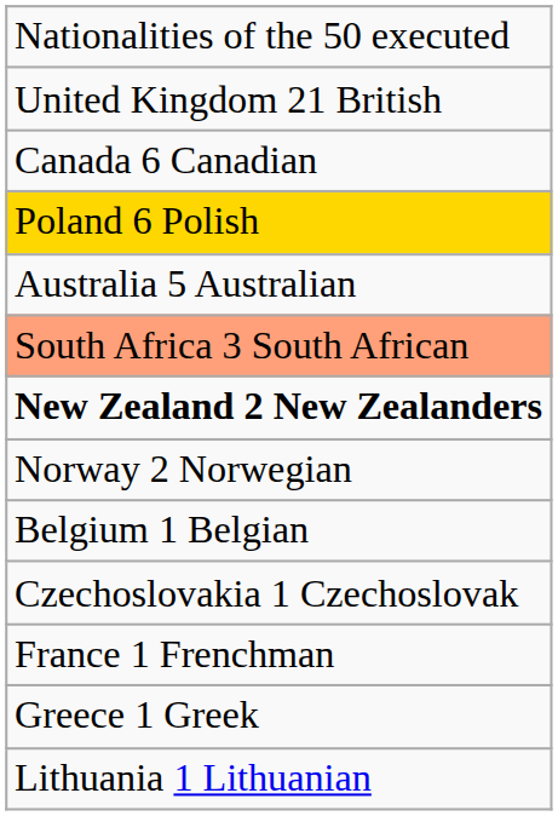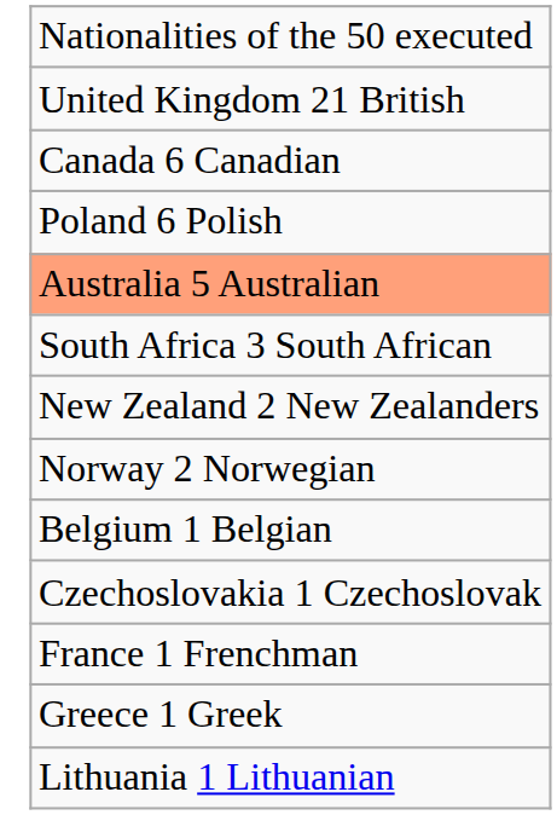 <table class="wikitable" align="right">
 <tr>
 <td>Nationalities of the 50 executed</td>
 </tr>
 <tr>
 <td>United Kingdom 21 British</td>
 </tr>
 <tr>
 <td>Canada 6 Canadian</td>
 </tr>
 <tr>
-<td style="background: gold;">Poland 6 Polish</td>
+<td>Poland 6 Polish</td>
 </tr>
 <tr>
-<td>Australia 5 Australian</td>
+<td style="background: lightsalmon;">Australia 5 Australian</td>
 </tr>
 <tr>
-<td style="background: lightsalmon;">South Africa 3 South African</td>
+<td>South Africa 3 South African</td>
 </tr>
 <tr>
-<td><strong>New Zealand 2 New Zealanders</strong></td>
+<td>New Zealand 2 New Zealanders</td>
 </tr>
 <tr>
 <td>Norway 2 Norwegian</td>
 </tr>
 <tr>
 <td>Belgium 1 Belgian</td>
 </tr>
 <tr>
 <td>Czechoslovakia 1 Czechoslovak</td>
 </tr>
 <tr>
 <td>France 1 Frenchman</td>
 </tr>
 <tr>
 <td>Greece 1 Greek</td>
 </tr>
 <tr>
 <td>Lithuania <a href='#'>1 Lithuanian</a></td>
 </tr>
 </table>
